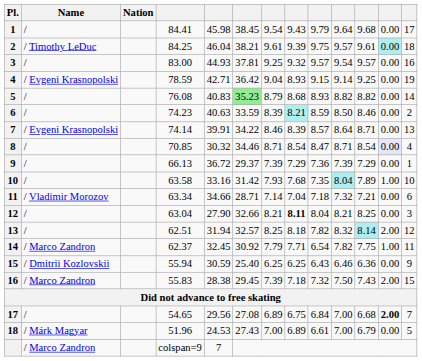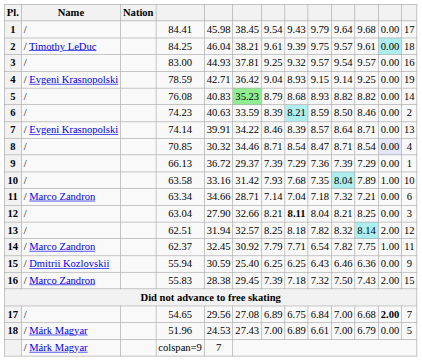 <table class="wikitable sortable" style="text-align:center">
 <tr>
 <th>Pl.</th>
 <th>Name</th>
 <th>Nation</th>
 <th></th>
 <th></th>
 <th></th>
 <th></th>
 <th></th>
 <th></th>
 <th></th>
 <th></th>
 <th></th>
 <th></th>
 </tr>
 <tr>
 <th>1</th>
 <td align="left"> / </td>
 <td align="left"></td>
 <td>84.41</td>
 <td>45.98</td>
 <td>38.45</td>
 <td>9.54</td>
 <td>9.43</td>
 <td>9.79</td>
 <td>9.64</td>
 <td>9.68</td>
 <td>0.00</td>
 <td>17</td>
 </tr>
 <tr>
 <th>2</th>
 <td align="left"> / <a href='#'>Timothy LeDuc</a></td>
 <td align="left"></td>
 <td>84.25</td>
 <td>46.04</td>
 <td>38.21</td>
 <td>9.61</td>
 <td>9.39</td>
 <td>9.75</td>
 <td>9.57</td>
 <td>9.61</td>
 <td style="background: paleturquoise;">0.00</td>
 <td>18</td>
 </tr>
 <tr>
 <th>3</th>
 <td align="left"> / </td>
 <td align="left"></td>
 <td>83.00</td>
 <td>44.93</td>
 <td>37.81</td>
 <td>9.25</td>
 <td>9.32</td>
 <td>9.57</td>
 <td>9.54</td>
 <td>9.57</td>
 <td>0.00</td>
 <td>16</td>
 </tr>
 <tr>
 <th>4</th>
 <td align="left"> / <a href='#'>Evgeni Krasnopolski</a></td>
 <td align="left"></td>
 <td>78.59</td>
 <td>42.71</td>
 <td>36.42</td>
 <td>9.04</td>
 <td>8.93</td>
 <td>9.15</td>
 <td>9.14</td>
 <td>9.25</td>
 <td>0.00</td>
 <td>19</td>
 </tr>
 <tr>
 <th>5</th>
 <td align="left"> / </td>
 <td align="left"></td>
 <td>76.08</td>
 <td>40.83</td>
 <td style="background: lightgreen;">35.23</td>
 <td>8.79</td>
 <td>8.68</td>
 <td>8.93</td>
 <td>8.82</td>
 <td>8.82</td>
 <td>0.00</td>
 <td>14</td>
 </tr>
 <tr>
 <th>6</th>
 <td align="left"> / </td>
 <td align="left"></td>
 <td>74.23</td>
 <td>40.63</td>
 <td>33.59</td>
 <td>8.39</td>
 <td style="background: paleturquoise;">8.21</td>
 <td>8.59</td>
 <td>8.50</td>
 <td>8.46</td>
 <td>0.00</td>
 <td>2</td>
 </tr>
 <tr>
 <th>7</th>
 <td align="left"> / <a href='#'>Evgeni Krasnopolski</a></td>
 <td align="left"></td>
 <td>74.14</td>
 <td>39.91</td>
 <td>34.22</td>
 <td>8.46</td>
 <td>8.39</td>
 <td>8.57</td>
 <td>8.64</td>
 <td>8.71</td>
 <td>0.00</td>
 <td>13</td>
 </tr>
 <tr>
 <th>8</th>
 <td align="left"> / </td>
 <td align="left"></td>
 <td>70.85</td>
 <td>30.32</td>
 <td>34.46</td>
 <td>8.71</td>
 <td>8.54</td>
 <td>8.47</td>
 <td>8.71</td>
 <td>8.54</td>
 <td style="background: lavender;">0.00</td>
 <td>4</td>
 </tr>
 <tr>
 <th>9</th>
 <td align="left"> / </td>
 <td align="left"></td>
 <td>66.13</td>
 <td>36.72</td>
 <td>29.37</td>
 <td>7.39</td>
 <td>7.29</td>
 <td>7.36</td>
 <td>7.39</td>
 <td>7.29</td>
 <td>0.00</td>
 <td>1</td>
 </tr>
 <tr>
 <th>10</th>
 <td align="left"> / </td>
 <td align="left"></td>
 <td>63.58</td>
 <td>33.16</td>
 <td>31.42</td>
 <td>7.93</td>
 <td>7.68</td>
 <td>7.35</td>
 <td style="background: paleturquoise;">8.04</td>
 <td>7.89</td>
 <td>1.00</td>
 <td>10</td>
 </tr>
 <tr>
 <th>11</th>
-<td align="left"> / <a href='#'>Vladimir Morozov</a></td>
+<td align="left"> / <a href='#'>Marco Zandron</a></td>
 <td align="left"></td>
 <td>63.34</td>
 <td>34.66</td>
 <td>28.71</td>
 <td>7.14</td>
 <td>7.04</td>
 <td>7.18</td>
 <td>7.32</td>
 <td>7.21</td>
 <td>0.00</td>
 <td>6</td>
 </tr>
 <tr>
 <th>12</th>
 <td align="left"> / </td>
 <td align="left"></td>
 <td>63.04</td>
 <td>27.90</td>
 <td>32.66</td>
 <td>8.21</td>
 <td><strong>8.11</strong></td>
 <td>8.04</td>
 <td>8.21</td>
 <td>8.25</td>
 <td>0.00</td>
 <td>3</td>
 </tr>
 <tr>
 <th>13</th>
 <td align="left"> / </td>
 <td align="left"></td>
 <td>62.51</td>
 <td>31.94</td>
 <td>32.57</td>
 <td>8.25</td>
 <td>8.18</td>
 <td>7.82</td>
 <td>8.32</td>
 <td style="background: paleturquoise;">8.14</td>
 <td>2.00</td>
 <td>12</td>
 </tr>
 <tr>
 <th>14</th>
 <td align="left"> / <a href='#'>Marco Zandron</a></td>
 <td align="left"></td>
 <td>62.37</td>
 <td>32.45</td>
 <td>30.92</td>
 <td>7.79</td>
 <td>7.71</td>
 <td>6.54</td>
 <td>7.82</td>
 <td>7.75</td>
 <td>1.00</td>
 <td>11</td>
 </tr>
 <tr>
 <th>15</th>
 <td align="left"> / <a href='#'>Dmitrii Kozlovskii</a></td>
 <td align="left"></td>
 <td>55.94</td>
 <td>30.59</td>
 <td>25.40</td>
 <td>6.25</td>
 <td>6.25</td>
 <td>6.43</td>
 <td>6.46</td>
 <td>6.36</td>
 <td>0.00</td>
 <td>9</td>
 </tr>
 <tr>
 <th>16</th>
 <td align="left"> / <a href='#'>Marco Zandron</a></td>
 <td align="left"></td>
 <td>55.83</td>
 <td>28.38</td>
 <td>29.45</td>
 <td>7.39</td>
 <td>7.18</td>
 <td>7.32</td>
 <td>7.50</td>
 <td>7.43</td>
 <td>2.00</td>
 <td>15</td>
 </tr>
 <tr>
 <th colspan=14>Did not advance to free skating</th>
 </tr>
 <tr>
 <th>17</th>
 <td align="left"> / </td>
 <td align="left"></td>
 <td>54.65</td>
 <td>29.56</td>
 <td>27.08</td>
 <td>6.89</td>
 <td>6.75</td>
 <td>6.84</td>
 <td>7.00</td>
 <td>6.68</td>
 <td><strong>2.00</strong></td>
 <td>7</td>
 </tr>
 <tr>
 <th>18</th>
 <td align="left"> / <a href='#'>Márk Magyar</a></td>
 <td align="left"></td>
 <td>51.96</td>
 <td>24.53</td>
 <td>27.43</td>
 <td>7.00</td>
 <td>6.89</td>
 <td>6.61</td>
 <td>7.00</td>
 <td>6.79</td>
 <td>0.00</td>
 <td>5</td>
 </tr>
 <tr>
 <th></th>
-<td align="left"> / <a href='#'>Marco Zandron</a></td>
+<td align="left"> / <a href='#'>Márk Magyar</a></td>
 <td align="left"></td>
 <td>colspan=9 </td>
 <td>7</td>
 </tr>
 </table>
